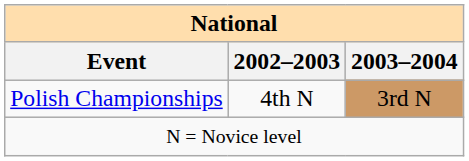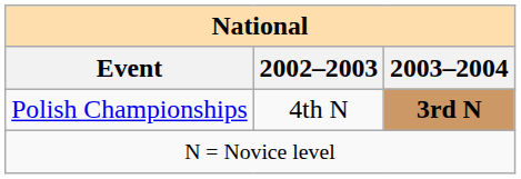 <table class="wikitable" style="text-align:center">
 <tr>
 <th style="background-color: #ffdead; " colspan=3 align=center>National</th>
 </tr>
 <tr>
 <th>Event</th>
 <th>2002–2003</th>
 <th>2003–2004</th>
 </tr>
 <tr>
 <td align=left><a href='#'>Polish Championships</a></td>
 <td>4th N</td>
-<td bgcolor=cc9966>3rd N</td>
+<td bgcolor=cc9966><strong>3rd N</strong></td>
 </tr>
 <tr>
 <td colspan=3 align=center><small> N = Novice level </small></td>
 </tr>
 </table>
